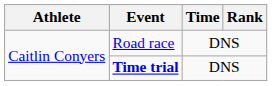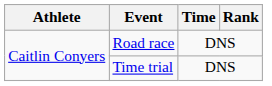 <table class=wikitable style="font-size:90%;">
 <tr>
 <th>Athlete</th>
 <th>Event</th>
 <th>Time</th>
 <th>Rank</th>
 </tr>
 <tr align=center>
 <td align=left rowspan=2><a href='#'>Caitlin Conyers</a></td>
 <td align=left rowspan=1><a href='#'>Road race</a></td>
 <td colspan="2">DNS</td>
 </tr>
 <tr align=center>
-<td align=left rowspan=1><strong><a href='#'>Time trial</a></strong></td>
+<td align=left rowspan=1><a href='#'>Time trial</a></td>
 <td colspan=2>DNS</td>
 </tr>
 </table>
